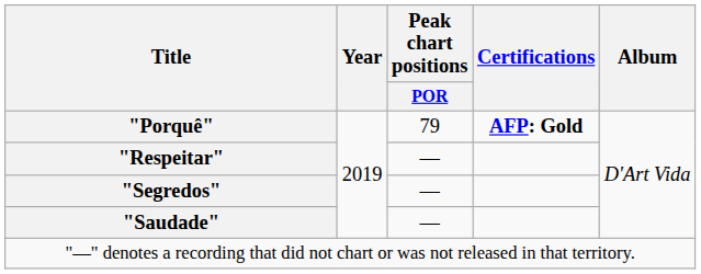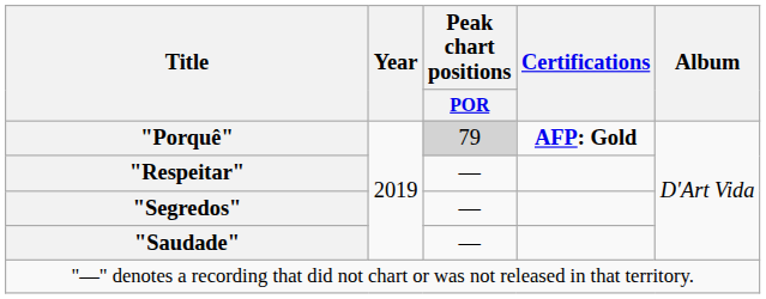 <table class="wikitable plainrowheaders" style="text-align:center;" border="1">
 <tr>
 <th rowspan="2" scope="col" style="width:16em;">Title</th>
 <th rowspan="2" scope="col">Year</th>
 <th scope="col">Peak chart positions</th>
 <th rowspan="2" scope="col"><a href='#'>Certifications</a></th>
 <th rowspan="2" scope="col">Album</th>
 </tr>
 <tr>
 <th scope="col" style="width:3em;font-size:85%;"><a href='#'>POR</a><br></th>
 </tr>
 <tr>
 <th scope="row">"Porquê"</th>
 <td rowspan="4">2019</td>
-<td>79</td>
+<td style="background: lightgrey;">79</td>
 <td><strong><a href='#'>AFP</a>: Gold</strong></td>
 <td rowspan="4"><em>D'Art Vida</em></td>
 </tr>
 <tr>
 <th scope="row">"Respeitar"</th>
 <td>—</td>
 <td></td>
 </tr>
 <tr>
 <th scope="row">"Segredos"</th>
 <td>—</td>
 <td></td>
 </tr>
 <tr>
 <th scope="row">"Saudade"</th>
 <td>—</td>
 <td></td>
 </tr>
 <tr>
 <td colspan="5" style="font-size:90%">"—" denotes a recording that did not chart or was not released in that territory.</td>
 </tr>
 </table>
